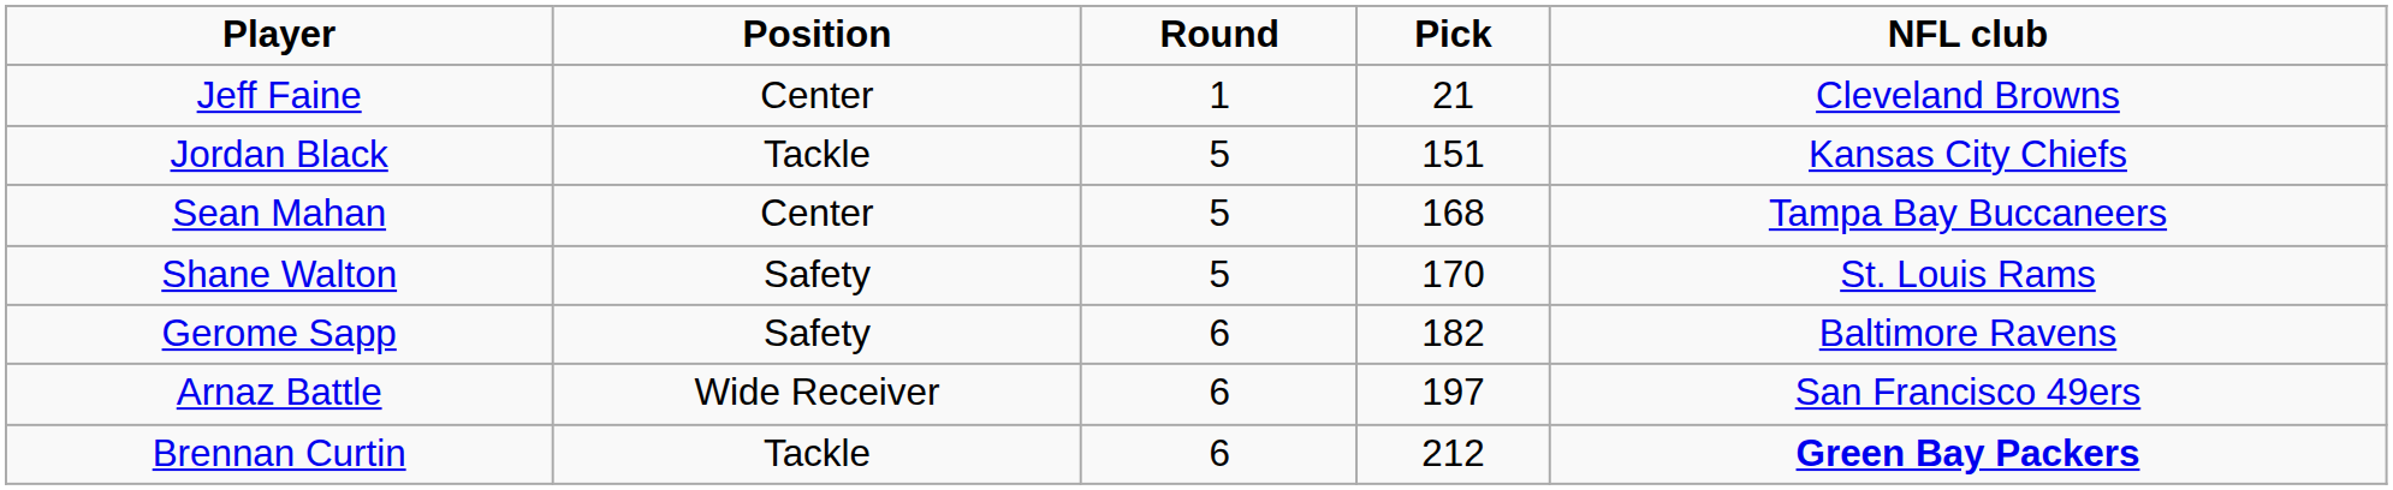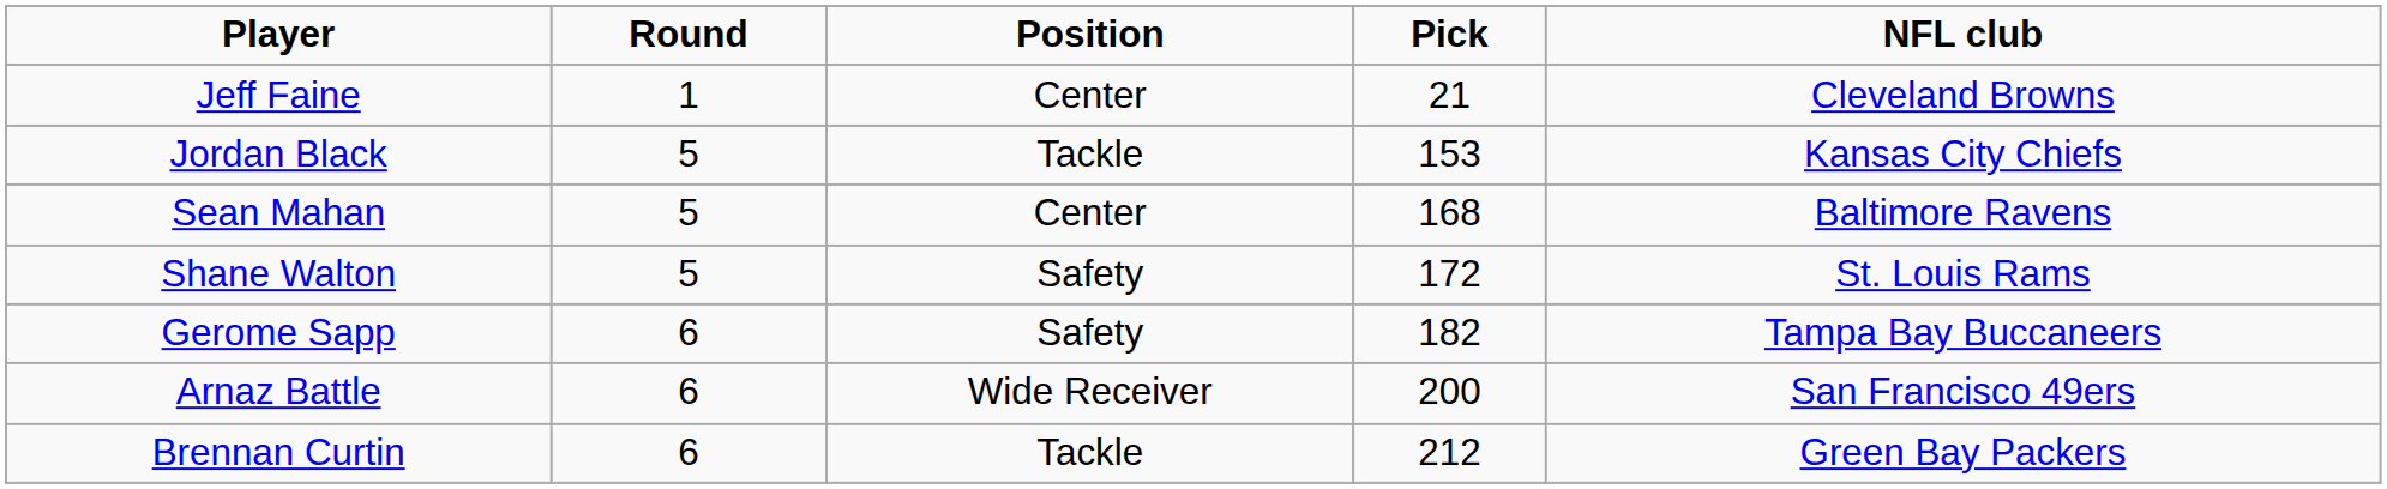 <table class="wikitable" width="80%">
 <tr align="center">
 <td><strong>Player</strong></td>
+<td><strong>Round</strong></td>
 <td><strong>Position</strong></td>
-<td><strong>Round</strong></td>
 <td><strong>Pick</strong></td>
 <td><strong>NFL club</strong></td>
 </tr>
 <tr align="center" bgcolor="">
 <td><a href='#'>Jeff Faine</a></td>
+<td>1</td>
 <td>Center</td>
-<td>1</td>
 <td>21</td>
 <td><a href='#'>Cleveland Browns</a></td>
 </tr>
 <tr align="center" bgcolor="">
 <td><a href='#'>Jordan Black</a></td>
+<td>5</td>
 <td>Tackle</td>
-<td>5</td>
-<td>151</td>
+<td>153</td>
 <td><a href='#'>Kansas City Chiefs</a></td>
 </tr>
 <tr align="center" bgcolor="">
 <td><a href='#'>Sean Mahan</a></td>
+<td>5</td>
 <td>Center</td>
-<td>5</td>
 <td>168</td>
-<td><a href='#'>Tampa Bay Buccaneers</a></td>
+<td><a href='#'>Baltimore Ravens</a></td>
 </tr>
 <tr align="center" bgcolor="">
 <td><a href='#'>Shane Walton</a></td>
+<td>5</td>
 <td>Safety</td>
-<td>5</td>
-<td>170</td>
+<td>172</td>
 <td><a href='#'>St. Louis Rams</a></td>
 </tr>
 <tr align="center" bgcolor="">
 <td><a href='#'>Gerome Sapp</a></td>
+<td>6</td>
 <td>Safety</td>
-<td>6</td>
 <td>182</td>
-<td><a href='#'>Baltimore Ravens</a></td>
+<td><a href='#'>Tampa Bay Buccaneers</a></td>
 </tr>
 <tr align="center" bgcolor="">
 <td><a href='#'>Arnaz Battle</a></td>
+<td>6</td>
 <td>Wide Receiver</td>
-<td>6</td>
-<td>197</td>
+<td>200</td>
 <td><a href='#'>San Francisco 49ers</a></td>
 </tr>
 <tr align="center" bgcolor="">
 <td><a href='#'>Brennan Curtin</a></td>
+<td>6</td>
 <td>Tackle</td>
-<td>6</td>
 <td>212</td>
-<td><strong><a href='#'>Green Bay Packers</a></strong></td>
+<td><a href='#'>Green Bay Packers</a></td>
 </tr>
 </table>
